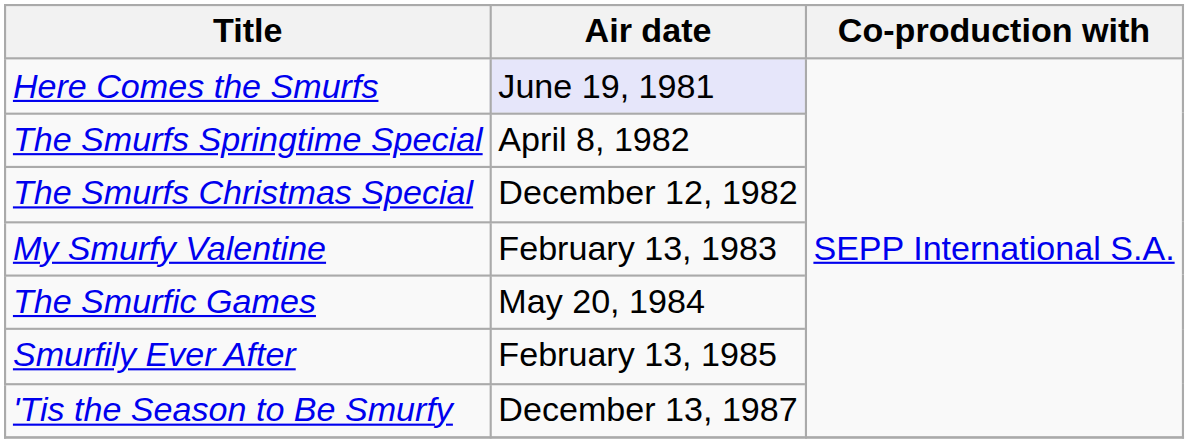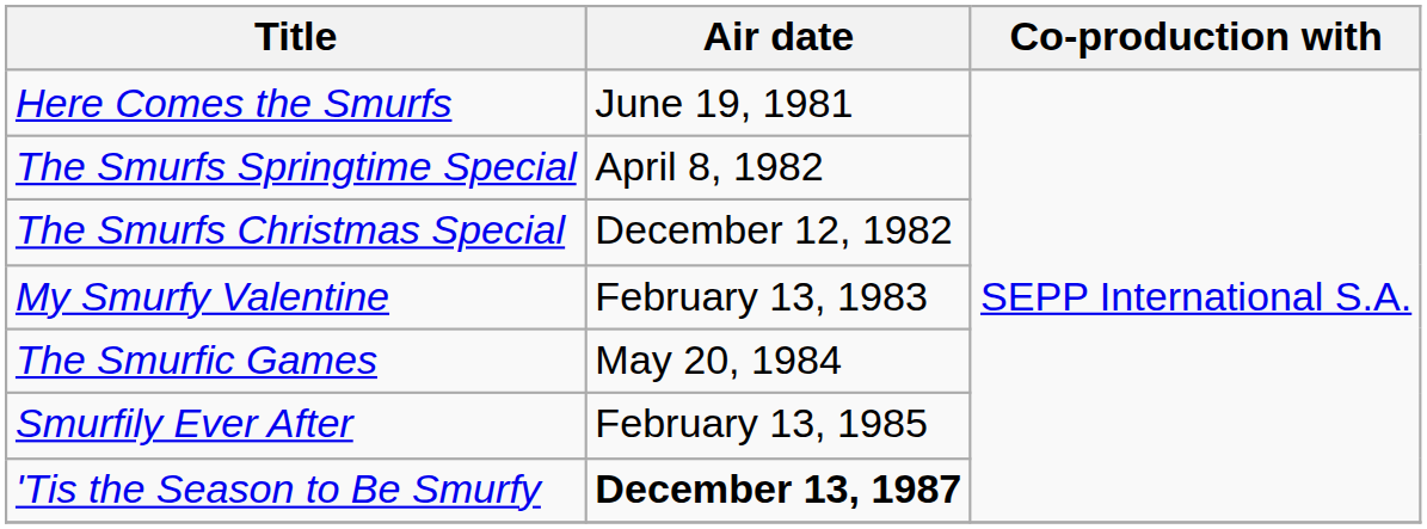 <table class="wikitable sortable">
 <tr>
 <th><strong>Title</strong></th>
 <th><strong>Air date</strong></th>
 <th><strong>Co-production with</strong></th>
 </tr>
 <tr>
 <td><em><a href='#'>Here Comes the Smurfs</a></em></td>
-<td style="background: lavender;">June 19, 1981</td>
+<td>June 19, 1981</td>
 <td rowspan="7"><a href='#'>SEPP International S.A.</a></td>
 </tr>
 <tr>
 <td><em><a href='#'>The Smurfs Springtime Special</a></em></td>
 <td>April 8, 1982</td>
 </tr>
 <tr>
 <td><em><a href='#'>The Smurfs Christmas Special</a></em></td>
 <td>December 12, 1982</td>
 </tr>
 <tr>
 <td><em><a href='#'>My Smurfy Valentine</a></em></td>
 <td>February 13, 1983</td>
 </tr>
 <tr>
 <td><em><a href='#'>The Smurfic Games</a></em></td>
 <td>May 20, 1984</td>
 </tr>
 <tr>
 <td><em><a href='#'>Smurfily Ever After</a></em></td>
 <td>February 13, 1985</td>
 </tr>
 <tr>
 <td><em><a href='#'>'Tis the Season to Be Smurfy</a></em></td>
-<td>December 13, 1987</td>
+<td><strong>December 13, 1987</strong></td>
 </tr>
 <tr>
 </tr>
 </table>
